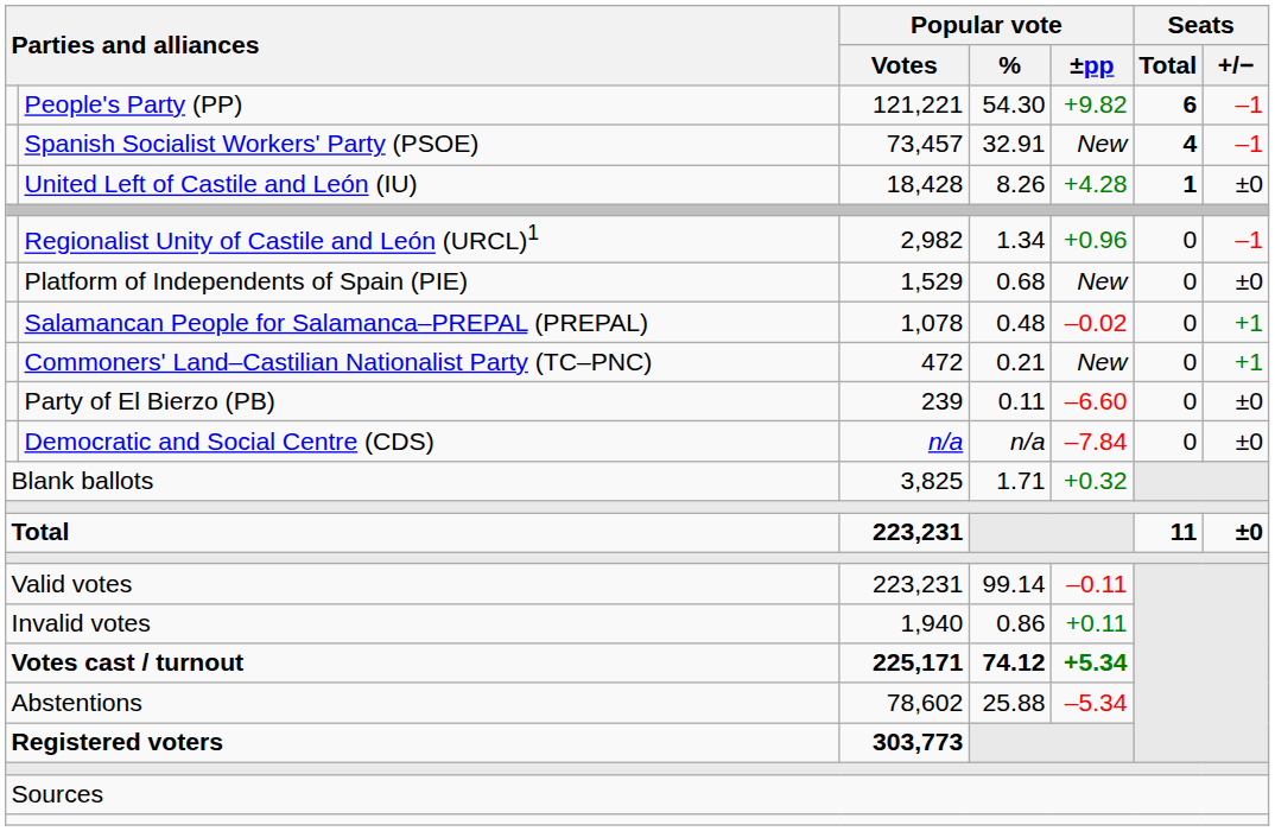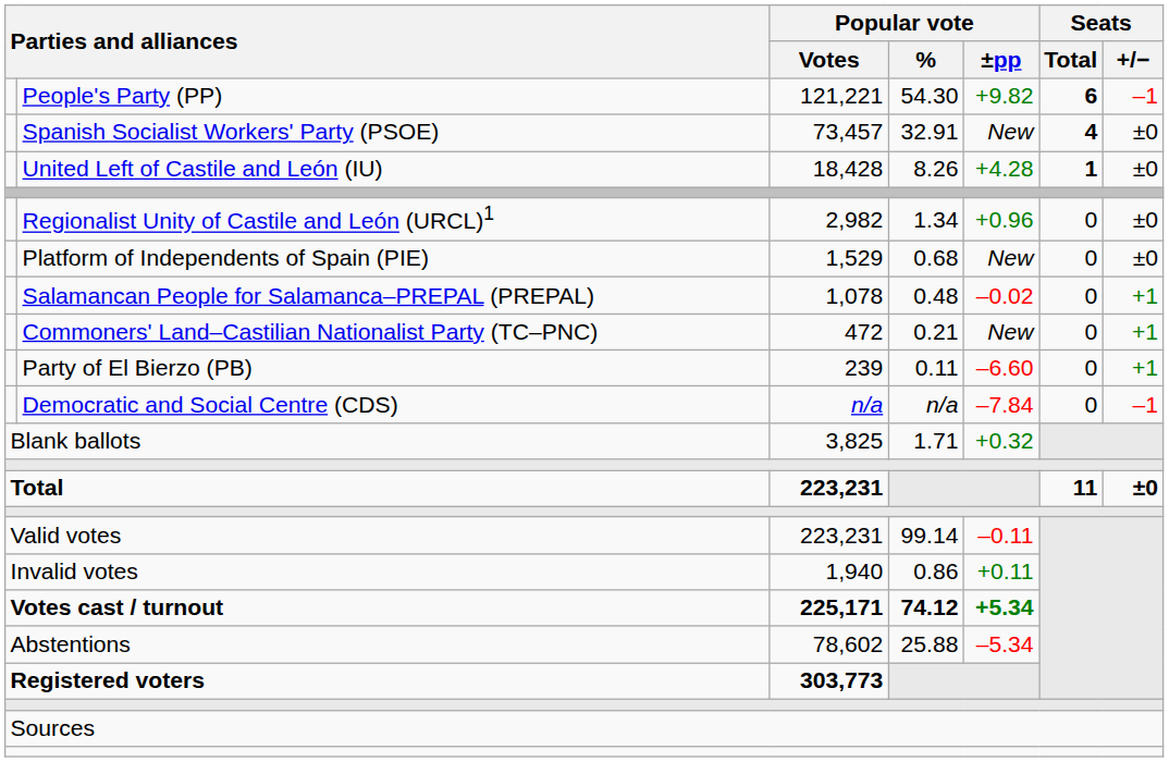 <table class="wikitable" style="text-align:right;">
 <tr>
 <th style="text-align:left;" rowspan="2" colspan="2" width="525">Parties and alliances</th>
 <th colspan="3">Popular vote</th>
 <th colspan="2">Seats</th>
 </tr>
 <tr>
 <th width="75">Votes</th>
 <th width="45">%</th>
 <th width="45">±<a href='#'>pp</a></th>
 <th width="35">Total</th>
 <th width="35">+/−</th>
 </tr>
 <tr>
 <td width="1" style="color:inherit;background:"></td>
 <td align="left"><a href='#'>People's Party</a> (PP)</td>
 <td>121,221</td>
 <td>54.30</td>
 <td style="color:green;">+9.82</td>
 <td><strong>6</strong></td>
 <td style="color:red;">–1</td>
 </tr>
 <tr>
 <td style="color:inherit;background:"></td>
 <td align="left"><a href='#'>Spanish Socialist Workers' Party</a> (PSOE)</td>
 <td>73,457</td>
 <td>32.91</td>
 <td><em>New</em></td>
 <td><strong>4</strong></td>
-<td style="color:red;">–1</td>
+<td>±0</td>
 </tr>
 <tr>
 <td style="color:inherit;background:"></td>
 <td align="left"><a href='#'>United Left of Castile and León</a> (IU)</td>
 <td>18,428</td>
 <td>8.26</td>
 <td style="color:green;">+4.28</td>
 <td><strong>1</strong></td>
 <td>±0</td>
 </tr>
 <tr>
 <td colspan="7" bgcolor="#C0C0C0"></td>
 </tr>
 <tr>
 <td style="color:inherit;background:"></td>
 <td align="left"><a href='#'>Regionalist Unity of Castile and León</a> (URCL)<sup>1</sup></td>
 <td>2,982</td>
 <td>1.34</td>
 <td style="color:green;">+0.96</td>
 <td>0</td>
-<td style="color:red;">–1</td>
+<td>±0</td>
 </tr>
 <tr>
 <td style="color:inherit;background:"></td>
 <td align="left">Platform of Independents of Spain (PIE)</td>
 <td>1,529</td>
 <td>0.68</td>
 <td><em>New</em></td>
 <td>0</td>
 <td>±0</td>
 </tr>
 <tr>
 <td style="color:inherit;background:"></td>
 <td align="left"><a href='#'>Salamancan People for Salamanca–PREPAL</a> (PREPAL)</td>
 <td>1,078</td>
 <td>0.48</td>
 <td style="color:red;">–0.02</td>
 <td>0</td>
 <td style="color:green;">+1</td>
 </tr>
 <tr>
 <td style="color:inherit;background:"></td>
 <td align="left"><a href='#'>Commoners' Land–Castilian Nationalist Party</a> (TC–PNC)</td>
 <td>472</td>
 <td>0.21</td>
 <td><em>New</em></td>
 <td>0</td>
 <td style="color:green;">+1</td>
 </tr>
 <tr>
 <td style="color:inherit;background:"></td>
 <td align="left">Party of El Bierzo (PB)</td>
 <td>239</td>
 <td>0.11</td>
 <td style="color:red;">–6.60</td>
 <td>0</td>
-<td>±0</td>
+<td style="color:green;">+1</td>
 </tr>
 <tr>
 <td style="color:inherit;background:"></td>
 <td align="left"><a href='#'>Democratic and Social Centre</a> (CDS)</td>
 <td><em><a href='#'>n/a</a></em></td>
 <td><em>n/a</em></td>
 <td style="color:red;">–7.84</td>
 <td>0</td>
-<td>±0</td>
+<td style="color:red;">–1</td>
 </tr>
 <tr>
 <td align="left" colspan="2">Blank ballots</td>
 <td>3,825</td>
 <td>1.71</td>
 <td style="color:green;">+0.32</td>
 <td bgcolor="#E9E9E9" colspan="2"></td>
 </tr>
 <tr>
 <td colspan="7" bgcolor="#E9E9E9"></td>
 </tr>
 <tr style="font-weight:bold;">
 <td align="left" colspan="2">Total</td>
 <td>223,231</td>
 <td bgcolor="#E9E9E9" colspan="2"></td>
 <td>11</td>
 <td>±0</td>
 </tr>
 <tr>
 <td colspan="7" bgcolor="#E9E9E9"></td>
 </tr>
 <tr>
 <td align="left" colspan="2">Valid votes</td>
 <td>223,231</td>
 <td>99.14</td>
 <td style="color:red;">–0.11</td>
 <td bgcolor="#E9E9E9" colspan="2" rowspan="5"></td>
 </tr>
 <tr>
 <td align="left" colspan="2">Invalid votes</td>
 <td>1,940</td>
 <td>0.86</td>
 <td style="color:green;">+0.11</td>
 </tr>
 <tr style="font-weight:bold;">
 <td align="left" colspan="2">Votes cast / turnout</td>
 <td>225,171</td>
 <td>74.12</td>
 <td style="color:green;">+5.34</td>
 </tr>
 <tr>
 <td align="left" colspan="2">Abstentions</td>
 <td>78,602</td>
 <td>25.88</td>
 <td style="color:red;">–5.34</td>
 </tr>
 <tr style="font-weight:bold;">
 <td align="left" colspan="2">Registered voters</td>
 <td>303,773</td>
 <td bgcolor="#E9E9E9" colspan="2"></td>
 </tr>
 <tr>
 <td colspan="7" bgcolor="#E9E9E9"></td>
 </tr>
 <tr>
 <td align="left" colspan="7">Sources</td>
 </tr>
 <tr>
 <td colspan="7" style="text-align:left; max-width:790px;"></td>
 </tr>
 </table>
